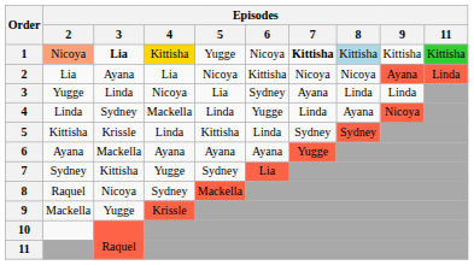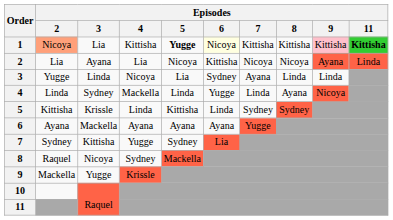 <table class="wikitable" style="text-align:center; font-size:92%">
 <tr>
 <th rowspan=2>Order</th>
 <th colspan=10>Episodes</th>
 </tr>
 <tr>
 <th>2</th>
 <th>3</th>
 <th>4</th>
 <th>5</th>
 <th>6</th>
 <th>7</th>
 <th>8</th>
 <th>9</th>
 <th>11</th>
 </tr>
 <tr>
 <th>1</th>
 <td style="background: lightsalmon;">Nicoya</td>
-<td><strong>Lia</strong></td>
-<td style="background: gold;">Kittisha</td>
-<td>Yugge</td>
-<td>Nicoya</td>
-<td><strong>Kittisha</strong></td>
-<td style="background: lightblue;">Kittisha</td>
+<td>Lia</td>
 <td>Kittisha</td>
-<td style="background:limegreen">Kittisha</td>
+<td><strong>Yugge</strong></td>
+<td style="background: lightyellow;">Nicoya</td>
+<td>Kittisha</td>
+<td>Kittisha</td>
+<td style="background: pink;">Kittisha</td>
+<td style="background:limegreen"><strong>Kittisha</strong></td>
 </tr>
 <tr>
 <th>2</th>
 <td>Lia</td>
 <td>Ayana</td>
 <td>Lia</td>
 <td>Nicoya</td>
 <td>Kittisha</td>
 <td>Nicoya</td>
 <td>Nicoya</td>
 <td style="background:tomato">Ayana</td>
 <td style="background:tomato">Linda</td>
 </tr>
 <tr>
 <th>3</th>
 <td>Yugge</td>
 <td>Linda</td>
 <td>Nicoya</td>
 <td>Lia</td>
 <td>Sydney</td>
 <td>Ayana</td>
 <td>Linda</td>
 <td>Linda</td>
 <td style="background:darkgrey;" colspan="8"></td>
 </tr>
 <tr>
 <th>4</th>
 <td>Linda</td>
 <td>Sydney</td>
 <td>Mackella</td>
 <td>Linda</td>
 <td>Yugge</td>
 <td>Linda</td>
 <td>Ayana</td>
 <td style="background:tomato">Nicoya</td>
 <td style="background:darkgrey;" colspan="8"></td>
 </tr>
 <tr>
 <th>5</th>
 <td>Kittisha</td>
 <td>Krissle</td>
 <td>Linda</td>
 <td>Kittisha</td>
 <td>Linda</td>
 <td>Sydney</td>
 <td style="background:tomato">Sydney</td>
 <td style="background:darkgrey;" colspan="8"></td>
 </tr>
 <tr>
 <th>6</th>
 <td>Ayana</td>
 <td>Mackella</td>
 <td>Ayana</td>
 <td>Ayana</td>
 <td>Ayana</td>
 <td style="background:tomato">Yugge</td>
 <td style="background:darkgrey;" colspan="8"></td>
 </tr>
 <tr>
 <th>7</th>
 <td>Sydney</td>
 <td>Kittisha</td>
 <td>Yugge</td>
 <td>Sydney</td>
 <td style="background:tomato">Lia</td>
 <td style="background:darkgrey;" colspan="8"></td>
 </tr>
 <tr>
 <th>8</th>
 <td>Raquel</td>
 <td>Nicoya</td>
 <td>Sydney</td>
 <td style="background:tomato">Mackella</td>
 <td style="background:darkgrey;" colspan="8"></td>
 </tr>
 <tr>
 <th>9</th>
 <td>Mackella</td>
 <td>Yugge</td>
 <td style="background:tomato">Krissle</td>
 <td style="background:darkgrey;" colspan="8"></td>
 </tr>
 <tr>
 <th>10</th>
 <td></td>
 <td rowspan="2" style="background:tomato"><br>Raquel</td>
 <td style="background:darkgrey;" colspan="8"></td>
 </tr>
 <tr>
 <th>11</th>
 <td style="background:darkgray"></td>
 <td style="background:darkgrey;" colspan="8"></td>
 </tr>
 </table>
